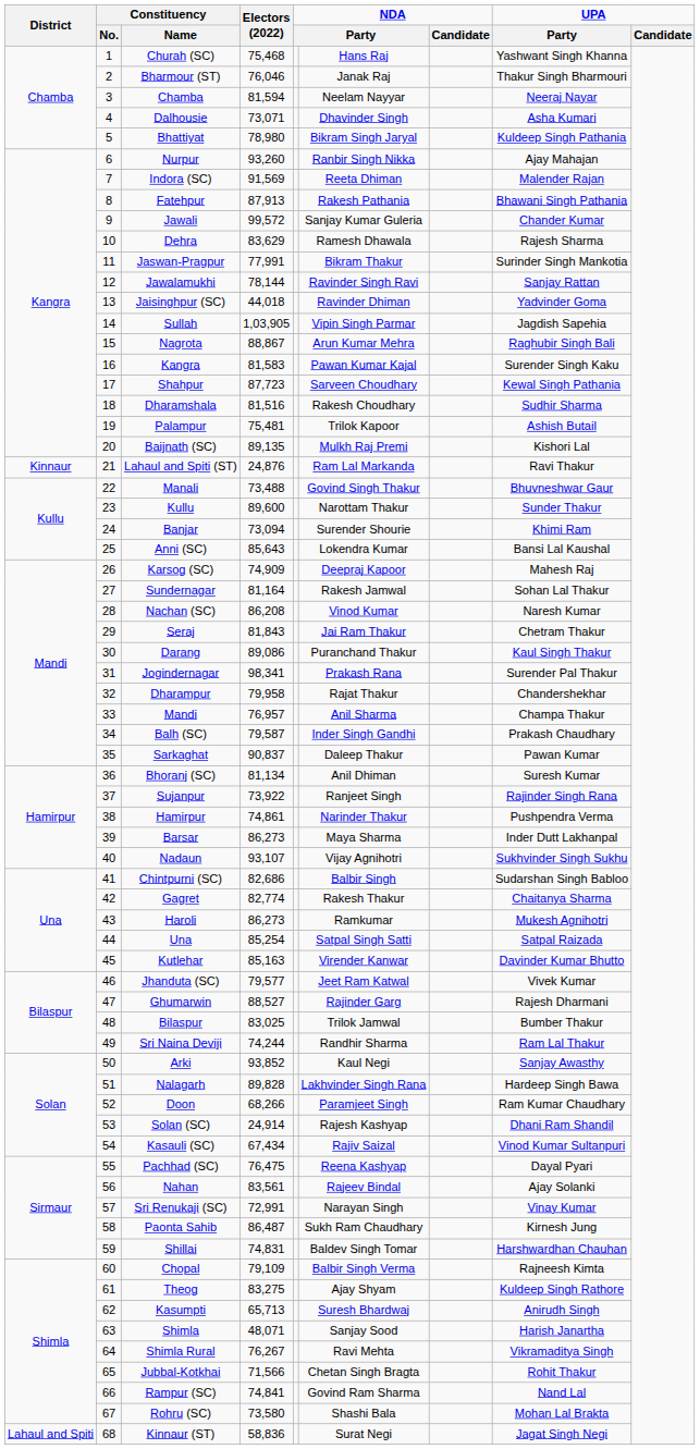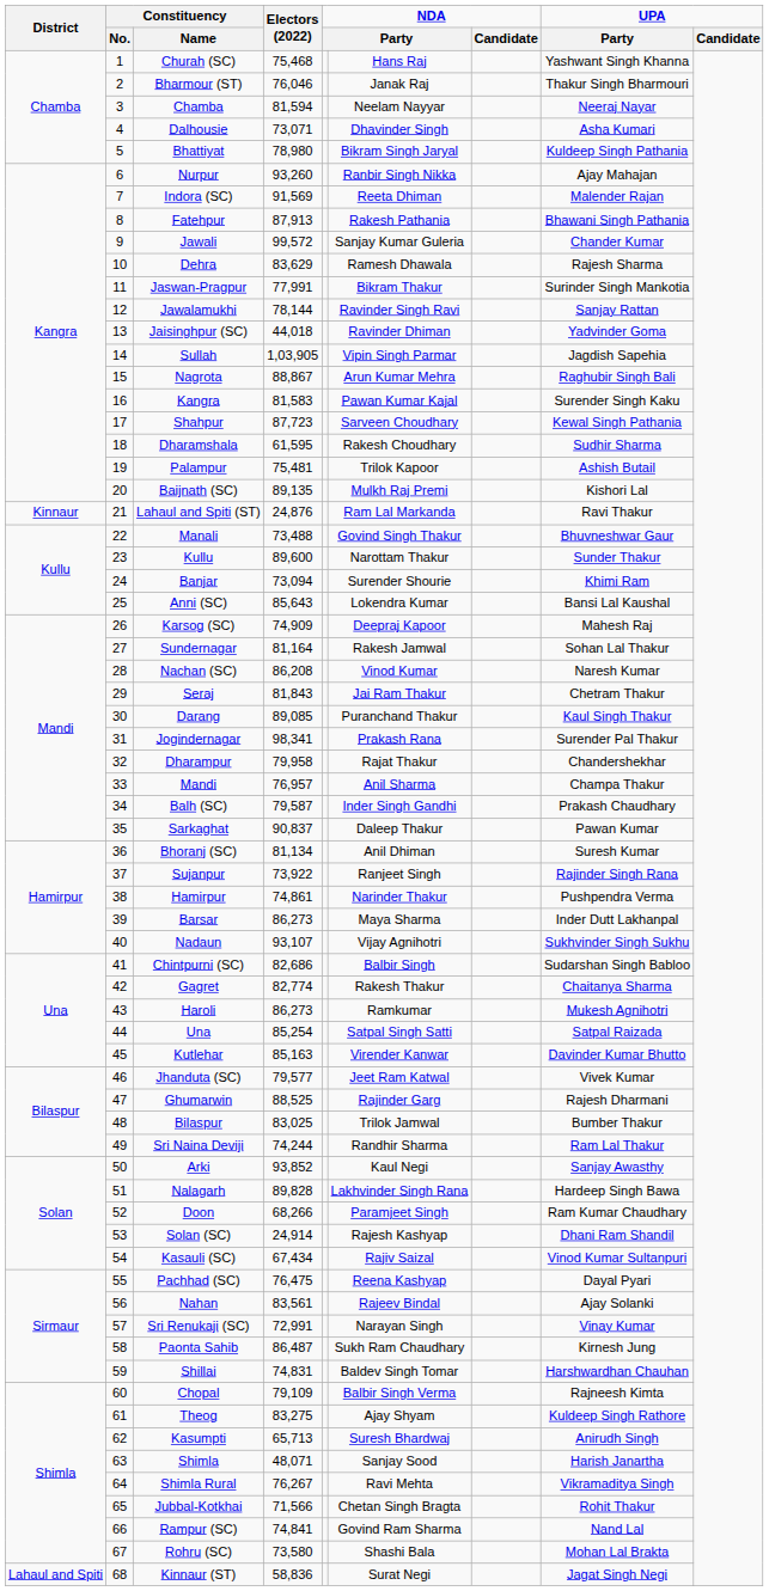 <table class="wikitable sortable" style="line-height:20px;text-align:center;">
 <tr>
 <th rowspan="2">District</th>
 <th colspan="2">Constituency</th>
 <th rowspan="2">Electors<br>(2022)</th>
 <td colspan="3"><a href='#'><span><strong>NDA</strong></span></a></td>
 <td colspan="3"><a href='#'><span><strong>UPA</strong></span></a></td>
 </tr>
 <tr>
 <th>No.</th>
 <th>Name</th>
 <th colspan="2">Party</th>
 <th>Candidate</th>
 <th colspan="2">Party</th>
 <th>Candidate</th>
 </tr>
 <tr>
 <td rowspan="5"><a href='#'>Chamba</a></td>
 <td>1</td>
 <td><a href='#'>Churah</a>  (SC)</td>
 <td>75,468</td>
 <td></td>
 <td><a href='#'>Hans Raj</a></td>
 <td></td>
 <td>Yashwant Singh Khanna</td>
 </tr>
 <tr>
 <td>2</td>
 <td><a href='#'>Bharmour</a> (ST)</td>
 <td>76,046</td>
 <td></td>
 <td>Janak Raj</td>
 <td></td>
 <td>Thakur Singh Bharmouri</td>
 </tr>
 <tr>
 <td>3</td>
 <td><a href='#'>Chamba</a></td>
 <td>81,594</td>
 <td></td>
 <td>Neelam Nayyar</td>
 <td></td>
 <td><a href='#'>Neeraj Nayar</a></td>
 </tr>
 <tr>
 <td>4</td>
 <td><a href='#'>Dalhousie</a></td>
 <td>73,071</td>
 <td></td>
 <td><a href='#'>Dhavinder Singh</a></td>
 <td></td>
 <td><a href='#'>Asha Kumari</a></td>
 </tr>
 <tr>
 <td>5</td>
 <td><a href='#'>Bhattiyat</a></td>
 <td>78,980</td>
 <td></td>
 <td><a href='#'>Bikram Singh Jaryal</a></td>
 <td></td>
 <td><a href='#'>Kuldeep Singh Pathania</a></td>
 </tr>
 <tr>
 <td rowspan="15"><a href='#'>Kangra</a></td>
 <td>6</td>
 <td><a href='#'>Nurpur</a></td>
 <td>93,260</td>
 <td></td>
 <td><a href='#'>Ranbir Singh Nikka</a></td>
 <td></td>
 <td>Ajay Mahajan</td>
 </tr>
 <tr>
 <td>7</td>
 <td><a href='#'>Indora</a> (SC)</td>
 <td>91,569</td>
 <td></td>
 <td><a href='#'>Reeta Dhiman</a></td>
 <td></td>
 <td><a href='#'>Malender Rajan</a></td>
 </tr>
 <tr>
 <td>8</td>
 <td><a href='#'>Fatehpur</a></td>
 <td>87,913</td>
 <td></td>
 <td><a href='#'>Rakesh Pathania</a></td>
 <td></td>
 <td><a href='#'>Bhawani Singh Pathania</a></td>
 </tr>
 <tr>
 <td>9</td>
 <td><a href='#'>Jawali</a></td>
 <td>99,572</td>
 <td></td>
 <td>Sanjay Kumar Guleria</td>
 <td></td>
 <td><a href='#'>Chander Kumar</a></td>
 </tr>
 <tr>
 <td>10</td>
 <td><a href='#'>Dehra</a></td>
 <td>83,629</td>
 <td></td>
 <td>Ramesh Dhawala</td>
 <td></td>
 <td>Rajesh Sharma</td>
 </tr>
 <tr>
 <td>11</td>
 <td><a href='#'>Jaswan-Pragpur</a></td>
 <td>77,991</td>
 <td></td>
 <td><a href='#'>Bikram Thakur</a></td>
 <td></td>
 <td>Surinder Singh Mankotia</td>
 </tr>
 <tr>
 <td>12</td>
 <td><a href='#'>Jawalamukhi</a></td>
 <td>78,144</td>
 <td></td>
 <td><a href='#'>Ravinder Singh Ravi</a></td>
 <td></td>
 <td><a href='#'>Sanjay Rattan</a></td>
 </tr>
 <tr>
 <td>13</td>
 <td><a href='#'>Jaisinghpur</a> (SC)</td>
 <td>44,018</td>
 <td></td>
 <td><a href='#'>Ravinder Dhiman</a></td>
 <td></td>
 <td><a href='#'>Yadvinder Goma</a></td>
 </tr>
 <tr>
 <td>14</td>
 <td><a href='#'>Sullah</a></td>
 <td>1,03,905</td>
 <td></td>
 <td><a href='#'>Vipin Singh Parmar</a></td>
 <td></td>
 <td>Jagdish Sapehia</td>
 </tr>
 <tr>
 <td>15</td>
 <td><a href='#'>Nagrota</a></td>
 <td>88,867</td>
 <td></td>
 <td><a href='#'>Arun Kumar Mehra</a></td>
 <td></td>
 <td><a href='#'>Raghubir Singh Bali</a></td>
 </tr>
 <tr>
 <td>16</td>
 <td><a href='#'>Kangra</a></td>
 <td>81,583</td>
 <td></td>
 <td><a href='#'>Pawan Kumar Kajal</a></td>
 <td></td>
 <td>Surender Singh Kaku</td>
 </tr>
 <tr>
 <td>17</td>
 <td><a href='#'>Shahpur</a></td>
 <td>87,723</td>
 <td></td>
 <td><a href='#'>Sarveen Choudhary</a></td>
 <td></td>
 <td><a href='#'>Kewal Singh Pathania</a></td>
 </tr>
 <tr>
 <td>18</td>
 <td><a href='#'>Dharamshala</a></td>
-<td>81,516</td>
+<td>61,595</td>
 <td></td>
 <td>Rakesh Choudhary</td>
 <td></td>
 <td><a href='#'>Sudhir Sharma</a></td>
 </tr>
 <tr>
 <td>19</td>
 <td><a href='#'>Palampur</a></td>
 <td>75,481</td>
 <td></td>
 <td>Trilok Kapoor</td>
 <td></td>
 <td><a href='#'>Ashish Butail</a></td>
 </tr>
 <tr>
 <td>20</td>
 <td><a href='#'>Baijnath</a> (SC)</td>
 <td>89,135</td>
 <td></td>
 <td><a href='#'>Mulkh Raj Premi</a></td>
 <td></td>
 <td>Kishori Lal</td>
 </tr>
 <tr>
 <td><a href='#'>Kinnaur</a></td>
 <td>21</td>
 <td><a href='#'>Lahaul and Spiti</a> (ST)</td>
 <td>24,876</td>
 <td></td>
 <td><a href='#'>Ram Lal Markanda</a></td>
 <td></td>
 <td>Ravi Thakur</td>
 </tr>
 <tr>
 <td rowspan="4"><a href='#'>Kullu</a></td>
 <td>22</td>
 <td><a href='#'>Manali</a></td>
 <td>73,488</td>
 <td></td>
 <td><a href='#'>Govind Singh Thakur</a></td>
 <td></td>
 <td><a href='#'>Bhuvneshwar Gaur</a></td>
 </tr>
 <tr>
 <td>23</td>
 <td><a href='#'>Kullu</a></td>
 <td>89,600</td>
 <td></td>
 <td>Narottam Thakur</td>
 <td></td>
 <td><a href='#'>Sunder Thakur</a></td>
 </tr>
 <tr>
 <td>24</td>
 <td><a href='#'>Banjar</a></td>
 <td>73,094</td>
 <td></td>
 <td>Surender Shourie</td>
 <td></td>
 <td><a href='#'>Khimi Ram</a></td>
 </tr>
 <tr>
 <td>25</td>
 <td><a href='#'>Anni</a> (SC)</td>
 <td>85,643</td>
 <td></td>
 <td>Lokendra Kumar</td>
 <td></td>
 <td>Bansi Lal Kaushal</td>
 </tr>
 <tr>
 <td rowspan="10"><a href='#'>Mandi</a></td>
 <td>26</td>
 <td><a href='#'>Karsog</a> (SC)</td>
 <td>74,909</td>
 <td></td>
 <td><a href='#'>Deepraj Kapoor</a></td>
 <td></td>
 <td>Mahesh Raj</td>
 </tr>
 <tr>
 <td>27</td>
 <td><a href='#'>Sundernagar</a></td>
 <td>81,164</td>
 <td></td>
 <td>Rakesh Jamwal</td>
 <td></td>
 <td>Sohan Lal Thakur</td>
 </tr>
 <tr>
 <td>28</td>
 <td><a href='#'>Nachan</a> (SC)</td>
 <td>86,208</td>
 <td></td>
 <td><a href='#'>Vinod Kumar</a></td>
 <td></td>
 <td>Naresh Kumar</td>
 </tr>
 <tr>
 <td>29</td>
 <td><a href='#'>Seraj</a></td>
 <td>81,843</td>
 <td></td>
 <td><a href='#'>Jai Ram Thakur</a></td>
 <td></td>
 <td>Chetram Thakur</td>
 </tr>
 <tr>
 <td>30</td>
 <td><a href='#'>Darang</a></td>
-<td>89,086</td>
+<td>89,085</td>
 <td></td>
 <td>Puranchand Thakur</td>
 <td></td>
 <td><a href='#'>Kaul Singh Thakur</a></td>
 </tr>
 <tr>
 <td>31</td>
 <td><a href='#'>Jogindernagar</a></td>
 <td>98,341</td>
 <td></td>
 <td><a href='#'>Prakash Rana</a></td>
 <td></td>
 <td>Surender Pal Thakur</td>
 </tr>
 <tr>
 <td>32</td>
 <td><a href='#'>Dharampur</a></td>
 <td>79,958</td>
 <td></td>
 <td>Rajat Thakur</td>
 <td></td>
 <td>Chandershekhar</td>
 </tr>
 <tr>
 <td>33</td>
 <td><a href='#'>Mandi</a></td>
 <td>76,957</td>
 <td></td>
 <td><a href='#'>Anil Sharma</a></td>
 <td></td>
 <td>Champa Thakur</td>
 </tr>
 <tr>
 <td>34</td>
 <td><a href='#'>Balh</a> (SC)</td>
 <td>79,587</td>
 <td></td>
 <td><a href='#'>Inder Singh Gandhi</a></td>
 <td></td>
 <td>Prakash Chaudhary</td>
 </tr>
 <tr>
 <td>35</td>
 <td><a href='#'>Sarkaghat</a></td>
 <td>90,837</td>
 <td></td>
 <td>Daleep Thakur</td>
 <td></td>
 <td>Pawan Kumar</td>
 </tr>
 <tr>
 <td rowspan="5"><a href='#'>Hamirpur</a></td>
 <td>36</td>
 <td><a href='#'>Bhoranj</a> (SC)</td>
 <td>81,134</td>
 <td></td>
 <td>Anil Dhiman</td>
 <td></td>
 <td>Suresh Kumar</td>
 </tr>
 <tr>
 <td>37</td>
 <td><a href='#'>Sujanpur</a></td>
 <td>73,922</td>
 <td></td>
 <td>Ranjeet Singh</td>
 <td></td>
 <td><a href='#'>Rajinder Singh Rana</a></td>
 </tr>
 <tr>
 <td>38</td>
 <td><a href='#'>Hamirpur</a></td>
 <td>74,861</td>
 <td></td>
 <td><a href='#'>Narinder Thakur</a></td>
 <td></td>
 <td>Pushpendra Verma</td>
 </tr>
 <tr>
 <td>39</td>
 <td><a href='#'>Barsar</a></td>
 <td>86,273</td>
 <td></td>
 <td>Maya Sharma</td>
 <td></td>
 <td>Inder Dutt Lakhanpal</td>
 </tr>
 <tr>
 <td>40</td>
 <td><a href='#'>Nadaun</a></td>
 <td>93,107</td>
 <td></td>
 <td>Vijay Agnihotri</td>
 <td></td>
 <td><a href='#'>Sukhvinder Singh Sukhu</a></td>
 </tr>
 <tr>
 <td rowspan="5"><a href='#'>Una</a></td>
 <td>41</td>
 <td><a href='#'>Chintpurni</a> (SC)</td>
 <td>82,686</td>
 <td></td>
 <td><a href='#'>Balbir Singh</a></td>
 <td></td>
 <td>Sudarshan Singh Babloo</td>
 </tr>
 <tr>
 <td>42</td>
 <td><a href='#'>Gagret</a></td>
 <td>82,774</td>
 <td></td>
 <td>Rakesh Thakur</td>
 <td></td>
 <td><a href='#'>Chaitanya Sharma</a></td>
 </tr>
 <tr>
 <td>43</td>
 <td><a href='#'>Haroli</a></td>
 <td>86,273</td>
 <td></td>
 <td>Ramkumar</td>
 <td></td>
 <td><a href='#'>Mukesh Agnihotri</a></td>
 </tr>
 <tr>
 <td>44</td>
 <td><a href='#'>Una</a></td>
 <td>85,254</td>
 <td></td>
 <td><a href='#'>Satpal Singh Satti</a></td>
 <td></td>
 <td><a href='#'>Satpal Raizada</a></td>
 </tr>
 <tr>
 <td>45</td>
 <td><a href='#'>Kutlehar</a></td>
 <td>85,163</td>
 <td></td>
 <td><a href='#'>Virender Kanwar</a></td>
 <td></td>
 <td><a href='#'>Davinder Kumar Bhutto</a></td>
 </tr>
 <tr>
 <td rowspan="4"><a href='#'>Bilaspur</a></td>
 <td>46</td>
 <td><a href='#'>Jhanduta</a> (SC)</td>
 <td>79,577</td>
 <td></td>
 <td><a href='#'>Jeet Ram Katwal</a></td>
 <td></td>
 <td>Vivek Kumar</td>
 </tr>
 <tr>
 <td>47</td>
 <td><a href='#'>Ghumarwin</a></td>
-<td>88,527</td>
+<td>88,525</td>
 <td></td>
 <td><a href='#'>Rajinder Garg</a></td>
 <td></td>
 <td>Rajesh Dharmani</td>
 </tr>
 <tr>
 <td>48</td>
 <td><a href='#'>Bilaspur</a></td>
 <td>83,025</td>
 <td></td>
 <td>Trilok Jamwal</td>
 <td></td>
 <td>Bumber Thakur</td>
 </tr>
 <tr>
 <td>49</td>
 <td><a href='#'>Sri Naina Deviji</a></td>
 <td>74,244</td>
 <td></td>
 <td>Randhir Sharma</td>
 <td></td>
 <td><a href='#'>Ram Lal Thakur</a></td>
 </tr>
 <tr>
 <td rowspan="5"><a href='#'>Solan</a></td>
 <td>50</td>
 <td><a href='#'>Arki</a></td>
 <td>93,852</td>
 <td></td>
 <td>Kaul Negi</td>
 <td></td>
 <td><a href='#'>Sanjay Awasthy</a></td>
 </tr>
 <tr>
 <td>51</td>
 <td><a href='#'>Nalagarh</a></td>
 <td>89,828</td>
 <td></td>
 <td><a href='#'>Lakhvinder Singh Rana</a></td>
 <td></td>
 <td>Hardeep Singh Bawa</td>
 </tr>
 <tr>
 <td>52</td>
 <td><a href='#'>Doon</a></td>
 <td>68,266</td>
 <td></td>
 <td><a href='#'>Paramjeet Singh</a></td>
 <td></td>
 <td>Ram Kumar Chaudhary</td>
 </tr>
 <tr>
 <td>53</td>
 <td><a href='#'>Solan</a> (SC)</td>
 <td>24,914</td>
 <td></td>
 <td>Rajesh Kashyap</td>
 <td></td>
 <td><a href='#'>Dhani Ram Shandil</a></td>
 </tr>
 <tr>
 <td>54</td>
 <td><a href='#'>Kasauli</a> (SC)</td>
 <td>67,434</td>
 <td></td>
 <td><a href='#'>Rajiv Saizal</a></td>
 <td></td>
 <td><a href='#'>Vinod Kumar Sultanpuri</a></td>
 </tr>
 <tr>
 <td rowspan="5"><a href='#'>Sirmaur</a></td>
 <td>55</td>
 <td><a href='#'>Pachhad</a> (SC)</td>
 <td>76,475</td>
 <td></td>
 <td><a href='#'>Reena Kashyap</a></td>
 <td></td>
 <td>Dayal Pyari</td>
 </tr>
 <tr>
 <td>56</td>
 <td><a href='#'>Nahan</a></td>
 <td>83,561</td>
 <td></td>
 <td><a href='#'>Rajeev Bindal</a></td>
 <td></td>
 <td>Ajay Solanki</td>
 </tr>
 <tr>
 <td>57</td>
 <td><a href='#'>Sri Renukaji</a> (SC)</td>
 <td>72,991</td>
 <td></td>
 <td>Narayan Singh</td>
 <td></td>
 <td><a href='#'>Vinay Kumar</a></td>
 </tr>
 <tr>
 <td>58</td>
 <td><a href='#'>Paonta Sahib</a></td>
 <td>86,487</td>
 <td></td>
 <td>Sukh Ram Chaudhary</td>
 <td></td>
 <td>Kirnesh Jung</td>
 </tr>
 <tr>
 <td>59</td>
 <td><a href='#'>Shillai</a></td>
 <td>74,831</td>
 <td></td>
 <td>Baldev Singh Tomar</td>
 <td></td>
 <td><a href='#'>Harshwardhan Chauhan</a></td>
 </tr>
 <tr>
 <td rowspan="8"><a href='#'>Shimla</a></td>
 <td>60</td>
 <td><a href='#'>Chopal</a></td>
 <td>79,109</td>
 <td></td>
 <td><a href='#'>Balbir Singh Verma</a></td>
 <td></td>
 <td>Rajneesh Kimta</td>
 </tr>
 <tr>
 <td>61</td>
 <td><a href='#'>Theog</a></td>
 <td>83,275</td>
 <td></td>
 <td>Ajay Shyam</td>
 <td></td>
 <td><a href='#'>Kuldeep Singh Rathore</a></td>
 </tr>
 <tr>
 <td>62</td>
 <td><a href='#'>Kasumpti</a></td>
 <td>65,713</td>
 <td></td>
 <td><a href='#'>Suresh Bhardwaj</a></td>
 <td></td>
 <td><a href='#'>Anirudh Singh</a></td>
 </tr>
 <tr>
 <td>63</td>
 <td><a href='#'>Shimla</a></td>
 <td>48,071</td>
 <td></td>
 <td>Sanjay Sood</td>
 <td></td>
 <td><a href='#'>Harish Janartha</a></td>
 </tr>
 <tr>
 <td>64</td>
 <td><a href='#'>Shimla Rural</a></td>
 <td>76,267</td>
 <td></td>
 <td>Ravi Mehta</td>
 <td></td>
 <td><a href='#'>Vikramaditya Singh</a></td>
 </tr>
 <tr>
 <td>65</td>
 <td><a href='#'>Jubbal-Kotkhai</a></td>
 <td>71,566</td>
 <td></td>
 <td>Chetan Singh Bragta</td>
 <td></td>
 <td><a href='#'>Rohit Thakur</a></td>
 </tr>
 <tr>
 <td>66</td>
 <td><a href='#'>Rampur</a> (SC)</td>
 <td>74,841</td>
 <td></td>
 <td>Govind Ram Sharma</td>
 <td></td>
 <td><a href='#'>Nand Lal</a></td>
 </tr>
 <tr>
 <td>67</td>
 <td><a href='#'>Rohru</a> (SC)</td>
 <td>73,580</td>
 <td></td>
 <td>Shashi Bala</td>
 <td></td>
 <td><a href='#'>Mohan Lal Brakta</a></td>
 </tr>
 <tr>
 <td><a href='#'>Lahaul and Spiti</a></td>
 <td>68</td>
 <td><a href='#'>Kinnaur</a>  (ST)</td>
 <td>58,836</td>
 <td></td>
 <td>Surat Negi</td>
 <td></td>
 <td><a href='#'>Jagat Singh Negi</a></td>
 </tr>
 </table>
